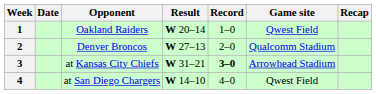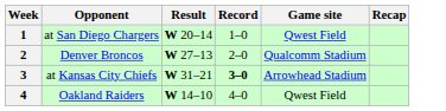 <table class="wikitable" style="text-align:center">
 <tr>
 <th>Week</th>
-<th>Date</th>
 <th>Opponent</th>
 <th>Result</th>
 <th>Record</th>
 <th>Game site</th>
 <th>Recap</th>
 </tr>
 <tr style="background:#cfc">
 <th>1</th>
-<td></td>
-<td><a href='#'>Oakland Raiders</a></td>
+<td>at <a href='#'>San Diego Chargers</a></td>
 <td><strong>W</strong> 20–14</td>
 <td>1–0</td>
 <td><a href='#'>Qwest Field</a></td>
 <td></td>
 </tr>
 <tr style="background:#cfc">
 <th>2</th>
-<td></td>
 <td><a href='#'>Denver Broncos</a></td>
 <td><strong>W</strong> 27–13</td>
 <td>2–0</td>
 <td><a href='#'>Qualcomm Stadium</a></td>
 <td></td>
 </tr>
 <tr style="background:#cfc">
 <th>3</th>
-<td></td>
 <td>at <a href='#'>Kansas City Chiefs</a></td>
 <td><strong>W</strong> 31–21</td>
 <td><strong>3–0</strong></td>
 <td><a href='#'>Arrowhead Stadium</a></td>
 <td></td>
 </tr>
 <tr style="background:#cfc">
 <th>4</th>
-<td></td>
-<td>at <a href='#'>San Diego Chargers</a></td>
+<td><a href='#'>Oakland Raiders</a></td>
 <td><strong>W</strong> 14–10</td>
 <td>4–0</td>
 <td>Qwest Field</td>
 <td></td>
 </tr>
 </table>
